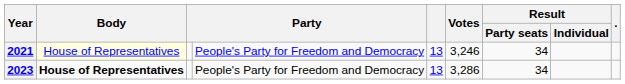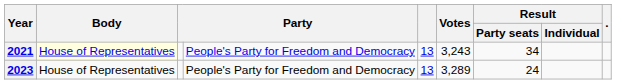 <table class="wikitable plainrowheaders sortable" border=2 cellpadding=4 cellspacing=0 style="border: 1px #aaa solid; font-size: 90%; text-align:center;">
 <tr>
 <th scope="col" rowspan=2>Year</th>
 <th scope="col" rowspan=2>Body</th>
 <th scope="col" colspan=2 rowspan=2>Party</th>
 <th scope="col" rowspan=2></th>
 <th scope="col" rowspan=2>Votes</th>
 <th scope="colgroup" colspan=2>Result</th>
 <th scope="col" rowspan=2 class="unsortable">.</th>
 </tr>
 <tr>
 <th scope="col">Party seats</th>
 <th scope="col">Individual</th>
 </tr>
 <tr>
 <th scope="row"><a href='#'>2021</a></th>
 <td style="background: lightyellow;"><a href='#'>House of Representatives</a></td>
 <td style="background-color:"></td>
 <td><a href='#'>People's Party for Freedom and Democracy</a></td>
 <td style=text-align:right><a href='#'>13</a></td>
-<td style=text-align:right>3,246</td>
+<td style=text-align:right>3,243</td>
 <td style=text-align:right>34</td>
 <td></td>
 <td></td>
 </tr>
 <tr>
 <th scope="row"><a href='#'>2023</a></th>
-<td><strong>House of Representatives</strong></td>
+<td>House of Representatives</td>
 <td style="background-color:"></td>
 <td>People's Party for Freedom and Democracy</td>
 <td style=text-align:right><a href='#'>13</a></td>
-<td style=text-align:right>3,286</td>
-<td style=text-align:right>34</td>
+<td style=text-align:right>3,289</td>
+<td style=text-align:right>24</td>
 <td></td>
 <td></td>
 </tr>
 </table>
